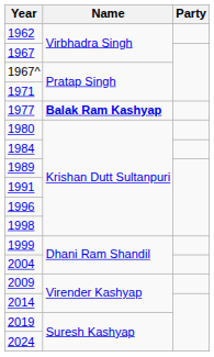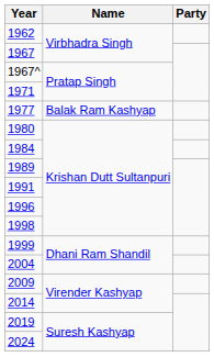 <table class="wikitable sortable">
 <tr>
 <th>Year</th>
 <th>Name</th>
 <th colspan=2>Party</th>
 </tr>
 <tr>
 <td><a href='#'>1962</a></td>
 <td rowspan=2><a href='#'>Virbhadra Singh</a></td>
 <td></td>
 </tr>
 <tr>
 <td><a href='#'>1967</a></td>
 </tr>
 <tr>
 <td>1967^</td>
 <td rowspan=2><a href='#'>Pratap Singh</a></td>
 </tr>
 <tr>
 <td><a href='#'>1971</a></td>
 </tr>
 <tr>
 <td><a href='#'>1977</a></td>
-<td><strong><a href='#'>Balak Ram Kashyap</a></strong></td>
+<td><a href='#'>Balak Ram Kashyap</a></td>
 <td></td>
 </tr>
 <tr>
 <td><a href='#'>1980</a></td>
 <td rowspan=6><a href='#'>Krishan Dutt Sultanpuri</a></td>
 <td></td>
 </tr>
 <tr>
 <td><a href='#'>1984</a></td>
 <td></td>
 </tr>
 <tr>
 <td><a href='#'>1989</a></td>
 </tr>
 <tr>
 <td><a href='#'>1991</a></td>
 </tr>
 <tr>
 <td><a href='#'>1996</a></td>
 </tr>
 <tr>
 <td><a href='#'>1998</a></td>
 </tr>
 <tr>
 <td><a href='#'>1999</a></td>
 <td rowspan=2><a href='#'>Dhani Ram Shandil</a></td>
 <td></td>
 </tr>
 <tr>
 <td><a href='#'>2004</a></td>
 <td></td>
 </tr>
 <tr>
 <td><a href='#'>2009</a></td>
 <td rowspan=2><a href='#'>Virender Kashyap</a></td>
 <td></td>
 </tr>
 <tr>
 <td><a href='#'>2014</a></td>
 </tr>
 <tr>
 <td><a href='#'>2019</a></td>
 <td rowspan=2><a href='#'>Suresh Kashyap</a></td>
 </tr>
 <tr>
 <td><a href='#'>2024</a></td>
 </tr>
 </table>
